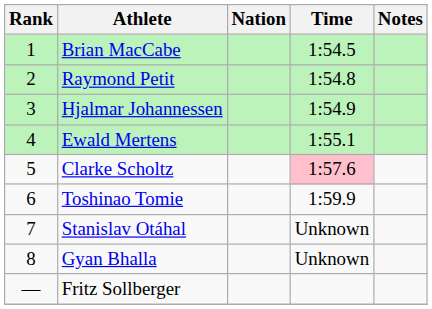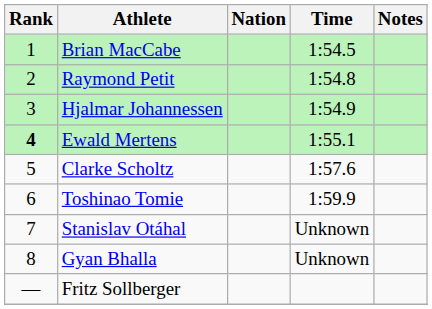 <table class="wikitable sortable" style="text-align:center">
 <tr>
 <th>Rank</th>
 <th>Athlete</th>
 <th>Nation</th>
 <th>Time</th>
 <th>Notes</th>
 </tr>
 <tr bgcolor=bbf3bb>
 <td>1</td>
 <td align=left><a href='#'>Brian MacCabe</a></td>
 <td align=left></td>
 <td>1:54.5</td>
 <td></td>
 </tr>
 <tr bgcolor=bbf3bb>
 <td>2</td>
 <td align=left><a href='#'>Raymond Petit</a></td>
 <td align=left></td>
 <td>1:54.8</td>
 <td></td>
 </tr>
 <tr bgcolor=bbf3bb>
 <td>3</td>
 <td align=left><a href='#'>Hjalmar Johannessen</a></td>
 <td align=left></td>
 <td>1:54.9</td>
 <td></td>
 </tr>
 <tr bgcolor=bbf3bb>
-<td>4</td>
+<td><strong>4</strong></td>
 <td align=left><a href='#'>Ewald Mertens</a></td>
 <td align=left></td>
 <td>1:55.1</td>
 <td></td>
 </tr>
 <tr>
 <td>5</td>
 <td align=left><a href='#'>Clarke Scholtz</a></td>
 <td align=left></td>
-<td style="background: pink;">1:57.6</td>
+<td>1:57.6</td>
 <td></td>
 </tr>
 <tr>
 <td>6</td>
 <td align=left><a href='#'>Toshinao Tomie</a></td>
 <td align=left></td>
 <td>1:59.9</td>
 <td></td>
 </tr>
 <tr>
 <td>7</td>
 <td align=left><a href='#'>Stanislav Otáhal</a></td>
 <td align=left></td>
 <td data-sort-value=2:00.0>Unknown</td>
 <td></td>
 </tr>
 <tr>
 <td>8</td>
 <td align=left><a href='#'>Gyan Bhalla</a></td>
 <td align=left></td>
 <td data-sort-value=3:00.0>Unknown</td>
 <td></td>
 </tr>
 <tr>
 <td data-sort-value=9>—</td>
 <td align=left>Fritz Sollberger</td>
 <td align=left></td>
 <td></td>
 <td></td>
 </tr>
 <tr>
 </tr>
 </table>
